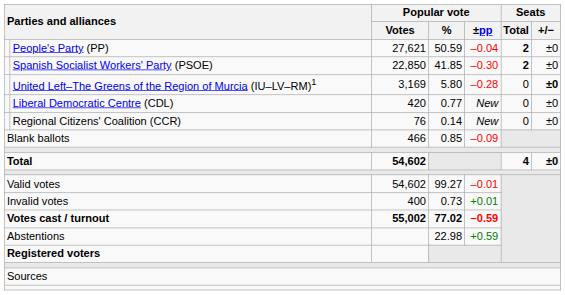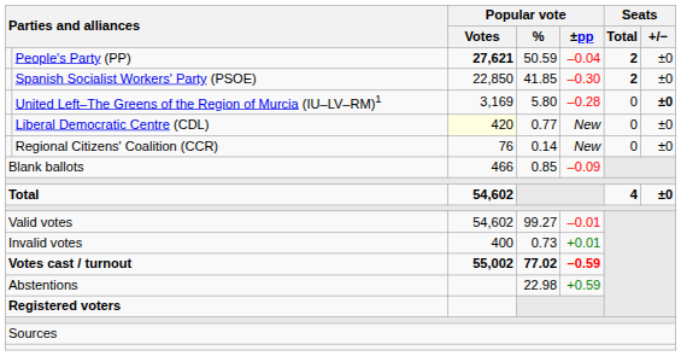 <table class="wikitable" style="text-align:right;">
 <tr>
 <th style="text-align:left;" rowspan="2" colspan="2" width="525">Parties and alliances</th>
 <th colspan="3">Popular vote</th>
 <th colspan="2">Seats</th>
 </tr>
 <tr>
 <th width="75">Votes</th>
 <th width="45">%</th>
 <th width="45">±<a href='#'>pp</a></th>
 <th width="35">Total</th>
 <th width="35">+/−</th>
 </tr>
 <tr>
 <td width="1" style="color:inherit;background:"></td>
 <td align="left"><a href='#'>People's Party</a> (PP)</td>
-<td>27,621</td>
+<td><strong>27,621</strong></td>
 <td>50.59</td>
 <td style="color:red;">–0.04</td>
 <td><strong>2</strong></td>
 <td>±0</td>
 </tr>
 <tr>
 <td style="color:inherit;background:"></td>
 <td align="left"><a href='#'>Spanish Socialist Workers' Party</a> (PSOE)</td>
 <td>22,850</td>
 <td>41.85</td>
 <td style="color:red;">–0.30</td>
 <td><strong>2</strong></td>
 <td>±0</td>
 </tr>
 <tr>
 <td style="color:inherit;background:"></td>
 <td align="left"><a href='#'>United Left–The Greens of the Region of Murcia</a> (IU–LV–RM)<sup>1</sup></td>
 <td>3,169</td>
 <td>5.80</td>
 <td style="color:red;">–0.28</td>
 <td>0</td>
 <td><strong>±0</strong></td>
 </tr>
 <tr>
 <td style="color:inherit;background:"></td>
 <td align="left"><a href='#'>Liberal Democratic Centre</a> (CDL)</td>
-<td>420</td>
+<td style="background: lightyellow;">420</td>
 <td>0.77</td>
 <td><em>New</em></td>
 <td>0</td>
 <td>±0</td>
 </tr>
 <tr>
 <td style="color:inherit;background:"></td>
 <td align="left">Regional Citizens' Coalition (CCR)</td>
 <td>76</td>
 <td>0.14</td>
 <td><em>New</em></td>
 <td>0</td>
 <td>±0</td>
 </tr>
 <tr>
 <td align="left" colspan="2">Blank ballots</td>
 <td>466</td>
 <td>0.85</td>
 <td style="color:red;">–0.09</td>
 <td bgcolor="#E9E9E9" colspan="2"></td>
 </tr>
 <tr>
 <td colspan="7" bgcolor="#E9E9E9"></td>
 </tr>
 <tr style="font-weight:bold;">
 <td align="left" colspan="2">Total</td>
 <td>54,602</td>
 <td bgcolor="#E9E9E9" colspan="2"></td>
 <td>4</td>
 <td>±0</td>
 </tr>
 <tr>
 <td colspan="7" bgcolor="#E9E9E9"></td>
 </tr>
 <tr>
 <td align="left" colspan="2">Valid votes</td>
 <td>54,602</td>
 <td>99.27</td>
 <td style="color:red;">–0.01</td>
 <td bgcolor="#E9E9E9" colspan="2" rowspan="5"></td>
 </tr>
 <tr>
 <td align="left" colspan="2">Invalid votes</td>
 <td>400</td>
 <td>0.73</td>
 <td style="color:green;">+0.01</td>
 </tr>
 <tr style="font-weight:bold;">
 <td align="left" colspan="2">Votes cast / turnout</td>
 <td>55,002</td>
 <td>77.02</td>
 <td style="color:red;">–0.59</td>
 </tr>
 <tr>
 <td align="left" colspan="2">Abstentions</td>
 <td></td>
 <td>22.98</td>
 <td style="color:green;">+0.59</td>
 </tr>
 <tr style="font-weight:bold;">
 <td align="left" colspan="2">Registered voters</td>
 <td></td>
 <td bgcolor="#E9E9E9" colspan="2"></td>
 </tr>
 <tr>
 <td colspan="7" bgcolor="#E9E9E9"></td>
 </tr>
 <tr>
 <td align="left" colspan="7">Sources</td>
 </tr>
 <tr>
 <td colspan="7" style="text-align:left; max-width:790px;"></td>
 </tr>
 </table>
